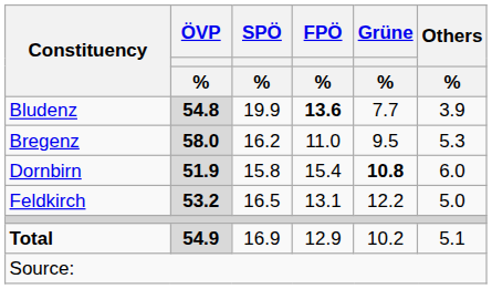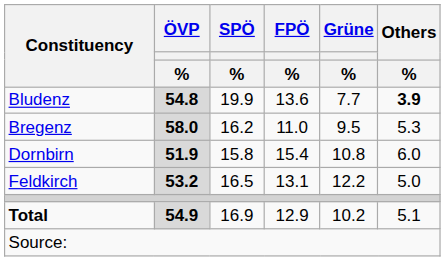 <table class="wikitable" style="text-align:center;font-size:90%;line-height:16px">
 <tr style="height:40px;">
 <th style="width:120px;" rowspan="3">Constituency</th>
 <th style="width:40px;" colspan="1"><a href='#'>ÖVP</a></th>
 <th style="width:40px;" colspan="1"><a href='#'>SPÖ</a></th>
 <th style="width:40px;" colspan="1"><a href='#'>FPÖ</a></th>
 <th style="width:40px;" colspan="1"><a href='#'>Grüne</a></th>
 <th class="unsortable" style="width:40px;" rowspan="2">Others</th>
 </tr>
 <tr>
 <th colspan="1" style="background:"></th>
 <th colspan="1" style="background:"></th>
 <th colspan="1" style="background:"></th>
 <th colspan="1" style="background:"></th>
 </tr>
 <tr>
 <th class=unsortable>%</th>
 <th class=unsortable>%</th>
 <th class=unsortable>%</th>
 <th class=unsortable>%</th>
 <th class=unsortable>%</th>
 </tr>
 <tr>
 <td align=left><a href='#'>Bludenz</a></td>
 <td bgcolor=#D9D9D9><strong>54.8</strong></td>
 <td>19.9</td>
-<td><strong>13.6</strong></td>
+<td>13.6</td>
 <td>7.7</td>
-<td>3.9</td>
+<td><strong>3.9</strong></td>
 </tr>
 <tr>
 <td align=left><a href='#'>Bregenz</a></td>
 <td bgcolor=#D9D9D9><strong>58.0</strong></td>
 <td>16.2</td>
 <td>11.0</td>
 <td>9.5</td>
 <td>5.3</td>
 </tr>
 <tr>
 <td align=left><a href='#'>Dornbirn</a></td>
 <td bgcolor=#D9D9D9><strong>51.9</strong></td>
 <td>15.8</td>
 <td>15.4</td>
-<td><strong>10.8</strong></td>
+<td>10.8</td>
 <td>6.0</td>
 </tr>
 <tr>
 <td align=left><a href='#'>Feldkirch</a></td>
 <td bgcolor=#D9D9D9><strong>53.2</strong></td>
 <td>16.5</td>
 <td>13.1</td>
 <td>12.2</td>
 <td>5.0</td>
 </tr>
 <tr>
 <td colspan=6 bgcolor=lightgrey></td>
 </tr>
 <tr>
 <td align=left><strong>Total</strong></td>
 <td bgcolor=#D9D9D9><strong>54.9</strong></td>
 <td>16.9</td>
 <td>12.9</td>
 <td>10.2</td>
 <td>5.1</td>
 </tr>
 <tr class=sortbottom>
 <td colspan=6 align=left>Source: </td>
 </tr>
 </table>
